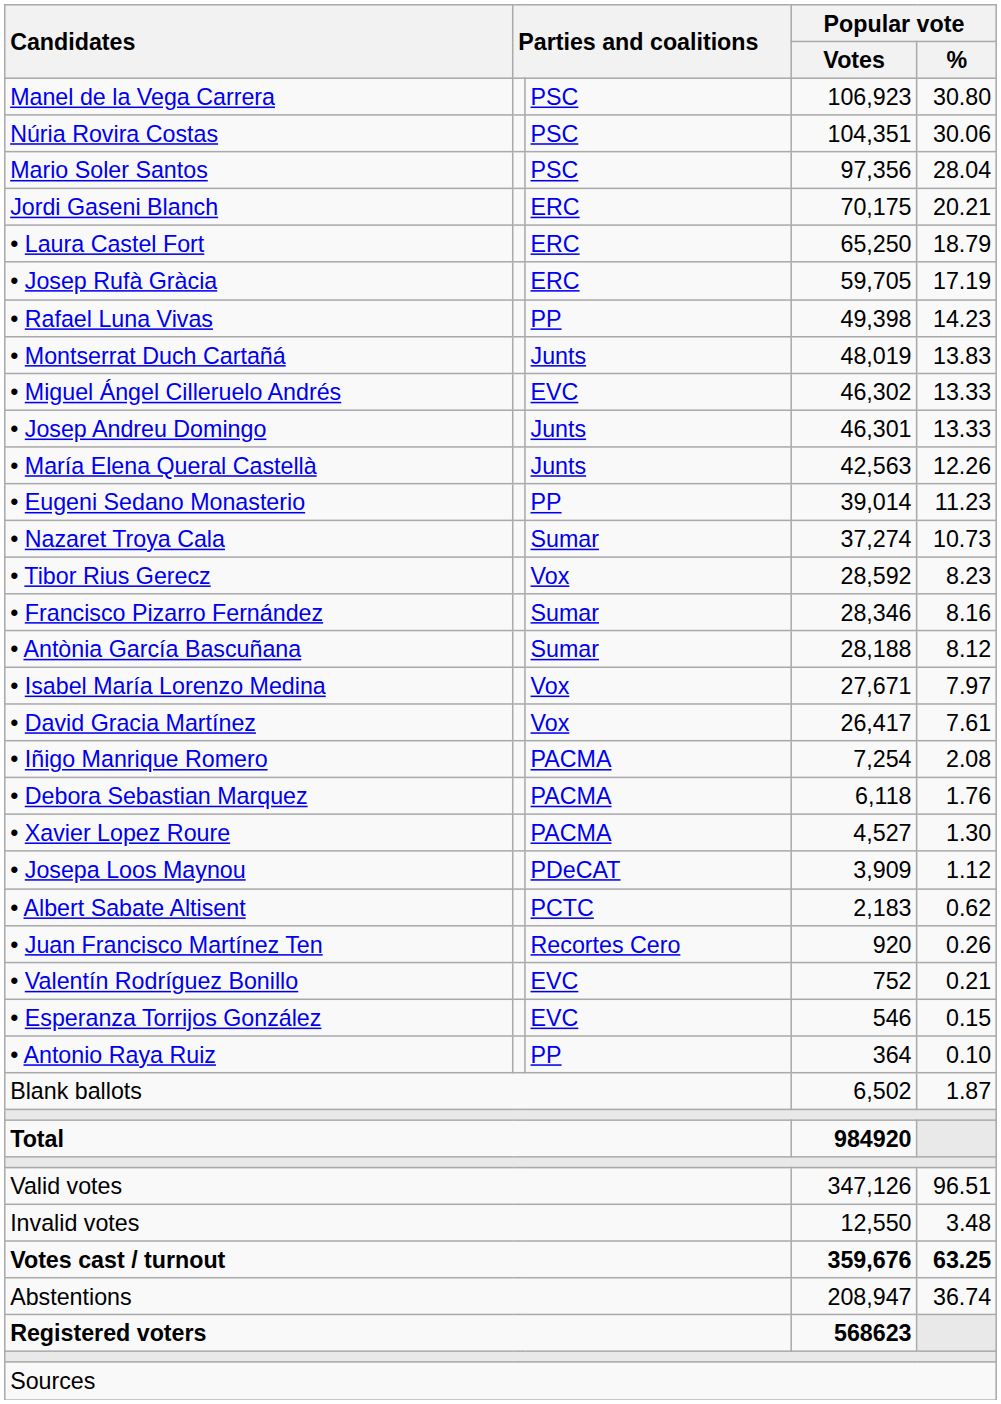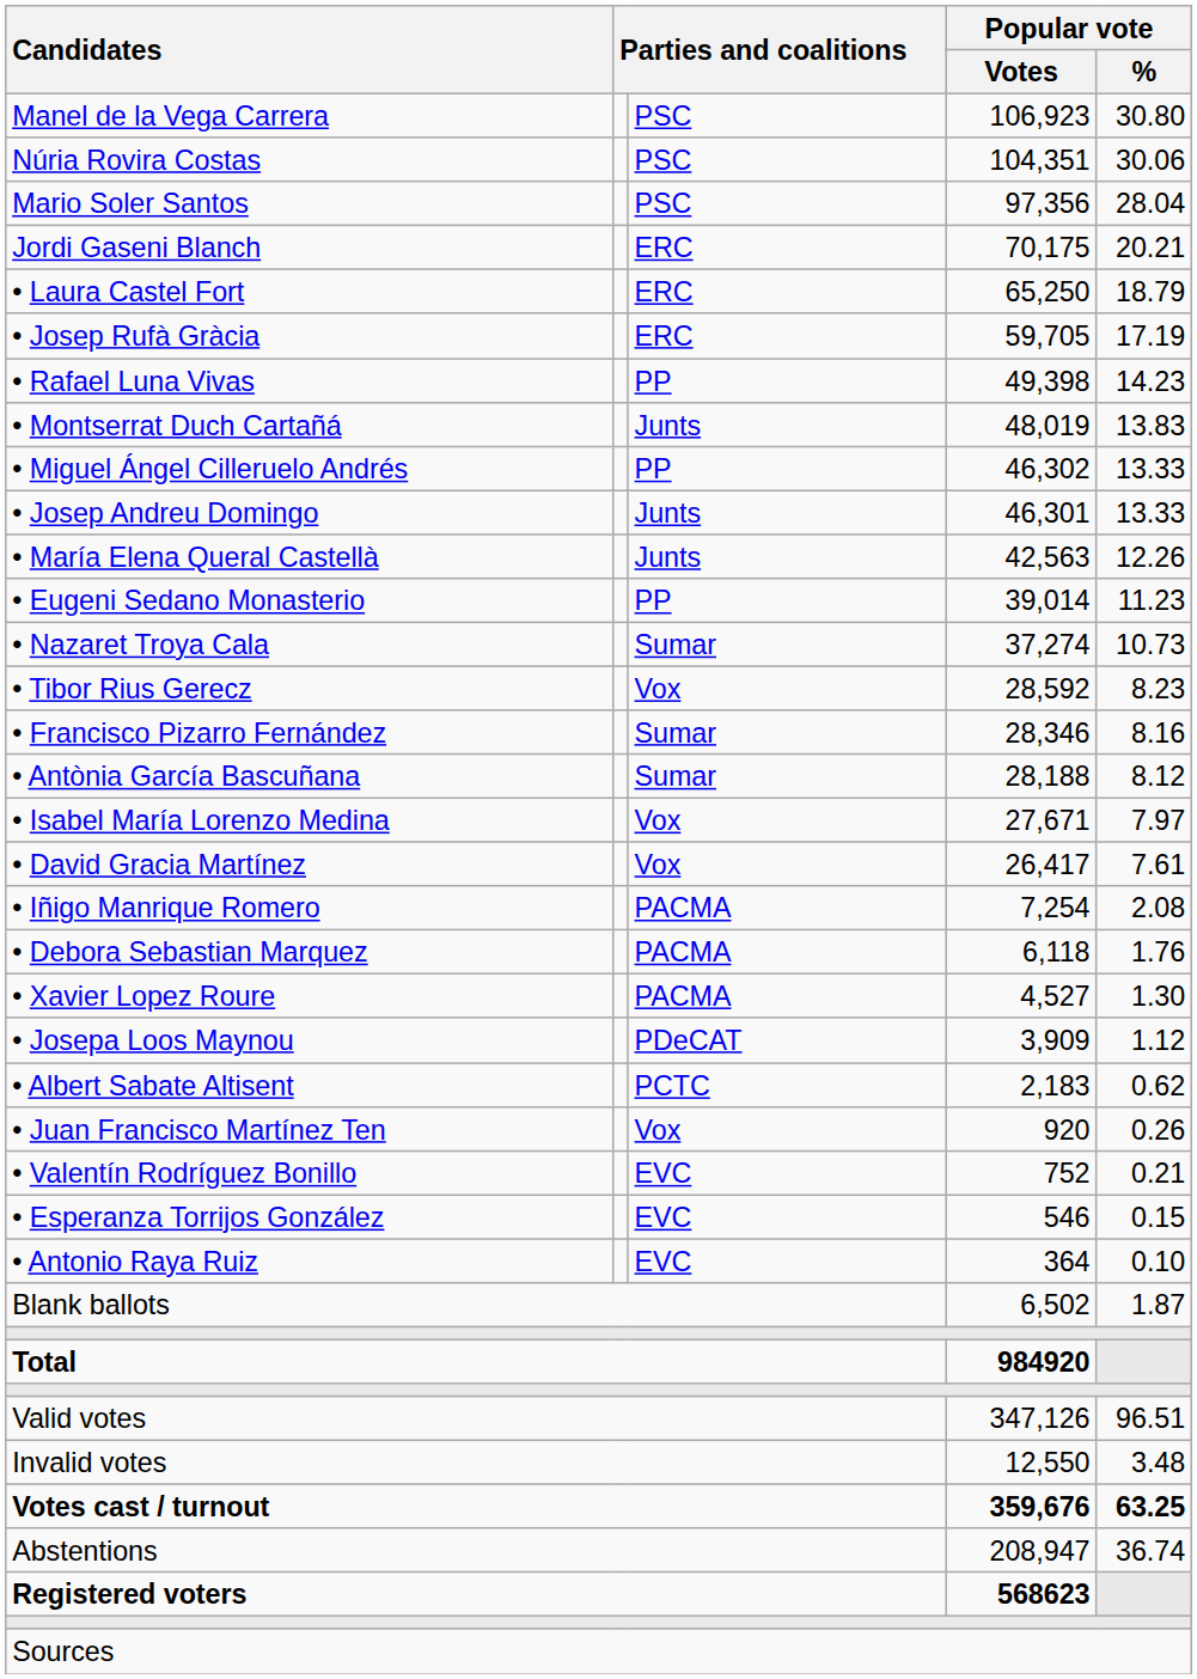 <table class="wikitable" style="text-align:right; font-size:95%;">
 <tr>
 <th style="text-align:left;" rowspan="2" width="325">Candidates</th>
 <th style="text-align:left;" rowspan="2" colspan="2" width="175">Parties and coalitions</th>
 <th colspan="2">Popular vote</th>
 </tr>
 <tr>
 <th width="75">Votes</th>
 <th width="45">%</th>
 </tr>
 <tr>
 <td align="left"> <a href='#'>Manel de la Vega Carrera</a></td>
 <td width="1" style="color:inherit;background:"></td>
 <td align="left"><a href='#'>PSC</a></td>
 <td>106,923</td>
 <td>30.80</td>
 </tr>
 <tr>
 <td align="left"> <a href='#'>Núria Rovira Costas</a></td>
 <td width="1" style="color:inherit;background:"></td>
 <td align="left"><a href='#'>PSC</a></td>
 <td>104,351</td>
 <td>30.06</td>
 </tr>
 <tr>
 <td align="left"> <a href='#'>Mario Soler Santos</a></td>
 <td width="1" style="color:inherit;background:"></td>
 <td align="left"><a href='#'>PSC</a></td>
 <td>97,356</td>
 <td>28.04</td>
 </tr>
 <tr>
 <td align="left"> <a href='#'>Jordi Gaseni Blanch</a></td>
 <td width="1" style="color:inherit;background:"></td>
 <td align="left"><a href='#'>ERC</a></td>
 <td>70,175</td>
 <td>20.21</td>
 </tr>
 <tr>
 <td align="left">• <a href='#'>Laura Castel Fort</a></td>
 <td width="1" style="color:inherit;background:"></td>
 <td align="left"><a href='#'>ERC</a></td>
 <td>65,250</td>
 <td>18.79</td>
 </tr>
 <tr>
 <td align="left">• <a href='#'>Josep Rufà Gràcia</a></td>
 <td width="1" style="color:inherit;background:"></td>
 <td align="left"><a href='#'>ERC</a></td>
 <td>59,705</td>
 <td>17.19</td>
 </tr>
 <tr>
 <td align="left">• <a href='#'>Rafael Luna Vivas</a></td>
 <td width="1" style="color:inherit;background:"></td>
 <td align="left"><a href='#'>PP</a></td>
 <td>49,398</td>
 <td>14.23</td>
 </tr>
 <tr>
 <td align="left">• <a href='#'>Montserrat Duch Cartañá</a></td>
 <td width="1" style="color:inherit;background:"></td>
 <td align="left"><a href='#'>Junts</a></td>
 <td>48,019</td>
 <td>13.83</td>
 </tr>
 <tr>
 <td align="left">• <a href='#'>Miguel Ángel Cilleruelo Andrés</a></td>
 <td width="1" style="color:inherit;background:"></td>
-<td align="left"><a href='#'>EVC</a></td>
+<td align="left"><a href='#'>PP</a></td>
 <td>46,302</td>
 <td>13.33</td>
 </tr>
 <tr>
 <td align="left">• <a href='#'>Josep Andreu Domingo</a></td>
 <td width="1" style="color:inherit;background:"></td>
 <td align="left"><a href='#'>Junts</a></td>
 <td>46,301</td>
 <td>13.33</td>
 </tr>
 <tr>
 <td align="left">• <a href='#'>María Elena Queral Castellà</a></td>
 <td width="1" style="color:inherit;background:"></td>
 <td align="left"><a href='#'>Junts</a></td>
 <td>42,563</td>
 <td>12.26</td>
 </tr>
 <tr>
 <td align="left">• <a href='#'>Eugeni Sedano Monasterio</a></td>
 <td width="1" style="color:inherit;background:"></td>
 <td align="left"><a href='#'>PP</a></td>
 <td>39,014</td>
 <td>11.23</td>
 </tr>
 <tr>
 <td align="left">• <a href='#'>Nazaret Troya Cala</a></td>
 <td width="1" style="color:inherit;background:"></td>
 <td align="left"><a href='#'>Sumar</a></td>
 <td>37,274</td>
 <td>10.73</td>
 </tr>
 <tr>
 <td align="left">• <a href='#'>Tibor Rius Gerecz</a></td>
 <td width="1" style="color:inherit;background:"></td>
 <td align="left"><a href='#'>Vox</a></td>
 <td>28,592</td>
 <td>8.23</td>
 </tr>
 <tr>
 <td align="left">• <a href='#'>Francisco Pizarro Fernández</a></td>
 <td width="1" style="color:inherit;background:"></td>
 <td align="left"><a href='#'>Sumar</a></td>
 <td>28,346</td>
 <td>8.16</td>
 </tr>
 <tr>
 <td align="left">• <a href='#'>Antònia García Bascuñana</a></td>
 <td width="1" style="color:inherit;background:"></td>
 <td align="left"><a href='#'>Sumar</a></td>
 <td>28,188</td>
 <td>8.12</td>
 </tr>
 <tr>
 <td align="left">• <a href='#'>Isabel María Lorenzo Medina</a></td>
 <td width="1" style="color:inherit;background:"></td>
 <td align="left"><a href='#'>Vox</a></td>
 <td>27,671</td>
 <td>7.97</td>
 </tr>
 <tr>
 <td align="left">• <a href='#'>David Gracia Martínez</a></td>
 <td width="1" style="color:inherit;background:"></td>
 <td align="left"><a href='#'>Vox</a></td>
 <td>26,417</td>
 <td>7.61</td>
 </tr>
 <tr>
 <td align="left">• <a href='#'>Iñigo Manrique Romero</a></td>
 <td width="1" style="color:inherit;background:"></td>
 <td align="left"><a href='#'>PACMA</a></td>
 <td>7,254</td>
 <td>2.08</td>
 </tr>
 <tr>
 <td align="left">• <a href='#'>Debora Sebastian Marquez</a></td>
 <td width="1" style="color:inherit;background:"></td>
 <td align="left"><a href='#'>PACMA</a></td>
 <td>6,118</td>
 <td>1.76</td>
 </tr>
 <tr>
 <td align="left">• <a href='#'>Xavier Lopez Roure</a></td>
 <td width="1" style="color:inherit;background:"></td>
 <td align="left"><a href='#'>PACMA</a></td>
 <td>4,527</td>
 <td>1.30</td>
 </tr>
 <tr>
 <td align="left">• <a href='#'>Josepa Loos Maynou</a></td>
 <td width="1" style="color:inherit;background:"></td>
 <td align="left"><a href='#'>PDeCAT</a></td>
 <td>3,909</td>
 <td>1.12</td>
 </tr>
 <tr>
 <td align="left">• <a href='#'>Albert Sabate Altisent</a></td>
 <td width="1" style="color:inherit;background:"></td>
 <td align="left"><a href='#'>PCTC</a></td>
 <td>2,183</td>
 <td>0.62</td>
 </tr>
 <tr>
 <td align="left">• <a href='#'>Juan Francisco Martínez Ten</a></td>
 <td width="1" style="color:inherit;background:"></td>
-<td align="left"><a href='#'>Recortes Cero</a></td>
+<td align="left"><a href='#'>Vox</a></td>
 <td>920</td>
 <td>0.26</td>
 </tr>
 <tr>
 <td align="left">• <a href='#'>Valentín Rodríguez Bonillo</a></td>
 <td width="1" style="color:inherit;background:"></td>
 <td align="left"><a href='#'>EVC</a></td>
 <td>752</td>
 <td>0.21</td>
 </tr>
 <tr>
 <td align="left">• <a href='#'>Esperanza Torrijos González</a></td>
 <td width="1" style="color:inherit;background:"></td>
 <td align="left"><a href='#'>EVC</a></td>
 <td>546</td>
 <td>0.15</td>
 </tr>
 <tr>
 <td align="left">• <a href='#'>Antonio Raya Ruiz</a></td>
 <td width="1" style="color:inherit;background:"></td>
-<td align="left"><a href='#'>PP</a></td>
+<td align="left"><a href='#'>EVC</a></td>
 <td>364</td>
 <td>0.10</td>
 </tr>
 <tr>
 <td align="left" colspan="3">Blank ballots</td>
 <td>6,502</td>
 <td>1.87</td>
 </tr>
 <tr>
 <td colspan="5" bgcolor="#E9E9E9"></td>
 </tr>
 <tr style="font-weight:bold;">
 <td align="left" colspan="3">Total</td>
 <td>984920</td>
 <td bgcolor="#E9E9E9"></td>
 </tr>
 <tr>
 <td colspan="5" bgcolor="#E9E9E9"></td>
 </tr>
 <tr>
 <td align="left" colspan="3">Valid votes</td>
 <td>347,126</td>
 <td>96.51</td>
 </tr>
 <tr>
 <td align="left" colspan="3">Invalid votes</td>
 <td>12,550</td>
 <td>3.48</td>
 </tr>
 <tr style="font-weight:bold;">
 <td align="left" colspan="3">Votes cast / turnout</td>
 <td>359,676</td>
 <td>63.25</td>
 </tr>
 <tr>
 <td align="left" colspan="3">Abstentions</td>
 <td>208,947</td>
 <td>36.74</td>
 </tr>
 <tr style="font-weight:bold;">
 <td align="left" colspan="3">Registered voters</td>
 <td>568623</td>
 <td bgcolor="#E9E9E9"></td>
 </tr>
 <tr>
 <td colspan="5" bgcolor="#E9E9E9"></td>
 </tr>
 <tr>
 <td align="left" colspan="5">Sources</td>
 </tr>
 </table>
